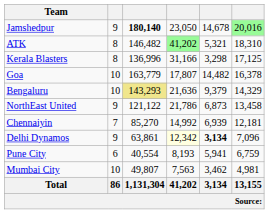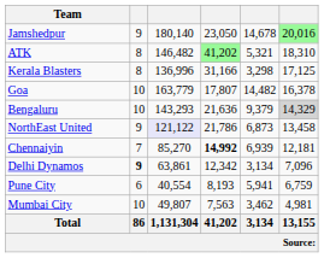 <table class="wikitable sortable">
 <tr>
 <th width=160>Team</th>
 <th></th>
 <th width=45></th>
 <th width=45></th>
 <th width=45></th>
 <th width=45></th>
 </tr>
 <tr>
 <td><a href='#'>Jamshedpur</a></td>
 <td align=center>9</td>
-<td align=center><strong>180,140</strong></td>
+<td align=center>180,140</td>
 <td align=center>23,050</td>
 <td align=center>14,678</td>
 <td align=center bgcolor="#98FB98">20,016<br></td>
 </tr>
 <tr>
 <td><a href='#'>ATK</a></td>
 <td align=center>8</td>
 <td align=center>146,482</td>
 <td align=center bgcolor="#98FB98">41,202</td>
 <td align=center>5,321</td>
 <td align=center>18,310<br></td>
 </tr>
 <tr>
 <td><a href='#'>Kerala Blasters</a></td>
 <td align=center>8</td>
 <td align=center>136,996</td>
 <td align=center>31,166</td>
 <td align=center>3,298</td>
 <td align=center>17,125<br></td>
 </tr>
 <tr>
 <td><a href='#'>Goa</a></td>
 <td align=center>10</td>
 <td align="center">163,779</td>
 <td align="center">17,807</td>
 <td align=center>14,482</td>
 <td align=center>16,378<br></td>
 </tr>
 <tr>
 <td><a href='#'>Bengaluru</a></td>
 <td align=center>10</td>
-<td align="center" style="background: khaki;">143,293</td>
+<td align="center">143,293</td>
 <td align="center">21,636</td>
 <td align=center>9,379</td>
-<td align=center>14,329<br></td>
+<td align=center style="background: lightgrey;">14,329<br></td>
 </tr>
 <tr>
 <td><a href='#'>NorthEast United</a></td>
 <td align="center">9</td>
-<td align="center">121,122</td>
+<td align="center" style="background: lavender;">121,122</td>
 <td align="center">21,786</td>
 <td align="center">6,873</td>
 <td align="center">13,458<br></td>
 </tr>
 <tr>
 <td><a href='#'>Chennaiyin</a></td>
 <td align="center">7</td>
 <td align="center">85,270</td>
-<td align="center">14,992</td>
+<td align="center"><strong>14,992</strong></td>
 <td align="center">6,939</td>
 <td align="center">12,181<br></td>
 </tr>
 <tr>
 <td><a href='#'>Delhi Dynamos</a></td>
-<td align=center>9</td>
+<td align=center><strong>9</strong></td>
 <td align=center>63,861</td>
-<td align=center style="background: lightyellow;">12,342</td>
-<td align=center><strong>3,134</strong></td>
+<td align=center>12,342</td>
+<td align=center>3,134</td>
 <td align=center>7,096<br></td>
 </tr>
 <tr>
 <td><a href='#'>Pune City</a></td>
 <td align=center>6</td>
 <td align=center>40,554</td>
 <td align=center>8,193</td>
 <td align=center>5,941</td>
 <td align=center>6,759<br></td>
 </tr>
 <tr>
 <td><a href='#'>Mumbai City</a></td>
 <td align=center>10</td>
 <td align="center">49,807</td>
 <td align="center">7,563</td>
 <td align=center>3,462</td>
 <td align=center>4,981<br></td>
 </tr>
 <tr>
 <th>Total</th>
 <th align=center>86</th>
 <th align="center">1,131,304</th>
 <th align="center">41,202</th>
 <th align=center>3,134</th>
 <th align=center>13,155</th>
 </tr>
 <tr>
 <th colspan="7" style="text-align:right;"><small>Source:</small></th>
 </tr>
 </table>
